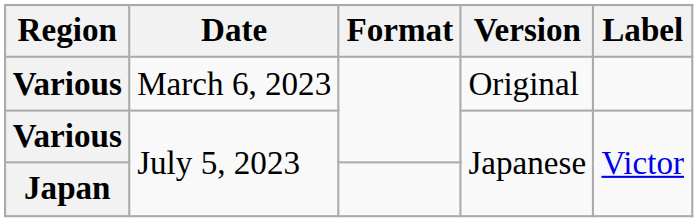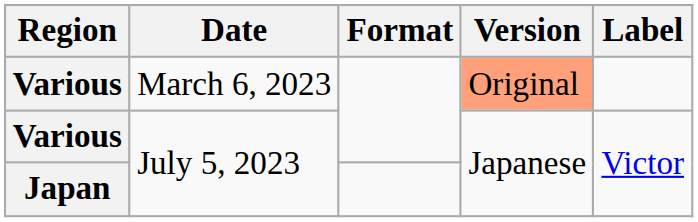 <table class="wikitable plainrowheaders">
 <tr>
 <th scope="col">Region</th>
 <th scope="col">Date</th>
 <th scope="col">Format</th>
 <th scope="col">Version</th>
 <th scope="col">Label</th>
 </tr>
 <tr>
 <th scope="row">Various</th>
 <td>March 6, 2023</td>
 <td rowspan="2"></td>
-<td>Original</td>
+<td style="background: lightsalmon;">Original</td>
 <td></td>
 </tr>
 <tr>
 <th scope="row">Various</th>
 <td rowspan="2">July 5, 2023</td>
 <td rowspan="2">Japanese</td>
 <td rowspan="2"><a href='#'>Victor</a></td>
 </tr>
 <tr>
 <th scope="row">Japan</th>
 <td></td>
 </tr>
 </table>
